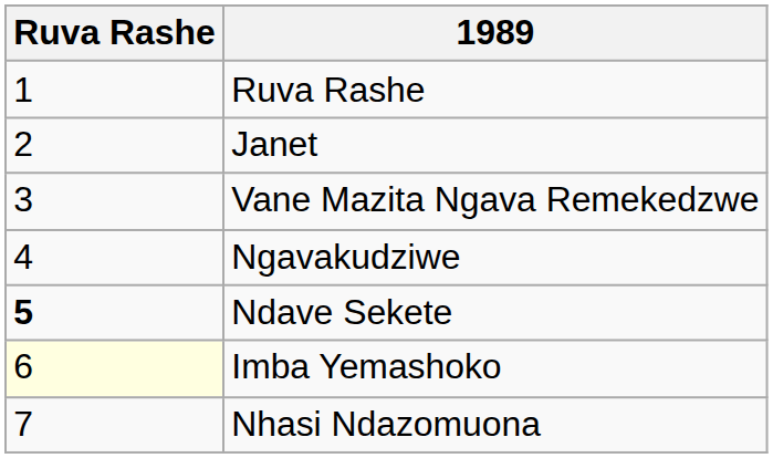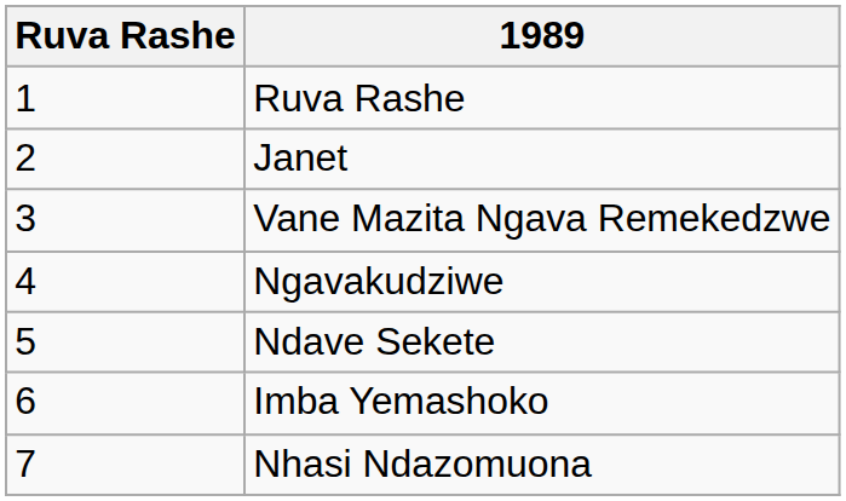 <table class="wikitable">
 <tr>
 <th>Ruva Rashe</th>
 <th>1989</th>
 </tr>
 <tr>
 <td>1</td>
 <td>Ruva Rashe</td>
 </tr>
 <tr>
 <td>2</td>
 <td>Janet</td>
 </tr>
 <tr>
 <td>3</td>
 <td>Vane Mazita Ngava Remekedzwe</td>
 </tr>
 <tr>
 <td>4</td>
 <td>Ngavakudziwe</td>
 </tr>
 <tr>
-<td><strong>5</strong></td>
+<td>5</td>
 <td>Ndave Sekete</td>
 </tr>
 <tr>
-<td style="background: lightyellow;">6</td>
+<td>6</td>
 <td>Imba Yemashoko</td>
 </tr>
 <tr>
 <td>7</td>
 <td>Nhasi Ndazomuona</td>
 </tr>
 </table>
